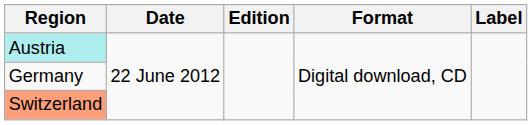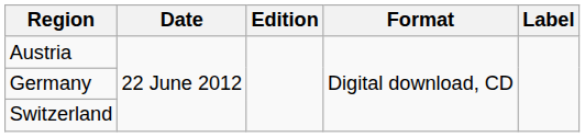 <table class="wikitable">
 <tr>
 <th scope="col">Region</th>
 <th scope="col">Date</th>
 <th scope="col">Edition</th>
 <th scope="col">Format</th>
 <th scope="col">Label</th>
 </tr>
 <tr>
-<td style="background: paleturquoise;">Austria</td>
+<td>Austria</td>
 <td rowspan="3">22 June 2012</td>
 <td rowspan="3"></td>
 <td rowspan="3">Digital download, CD</td>
 <td rowspan="3"></td>
 </tr>
 <tr>
 <td>Germany</td>
 </tr>
 <tr>
-<td style="background: lightsalmon;">Switzerland</td>
+<td>Switzerland</td>
 </tr>
 </table>
